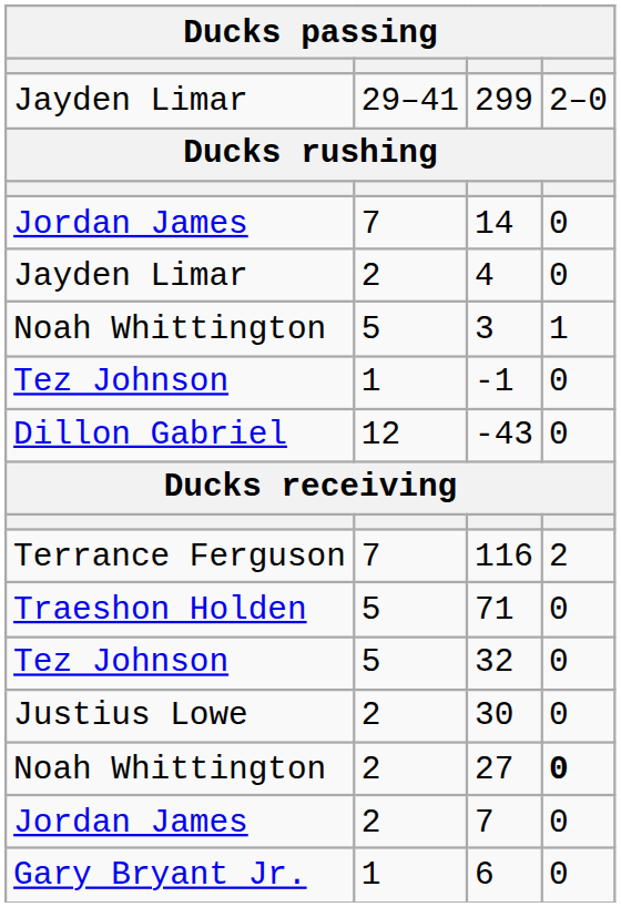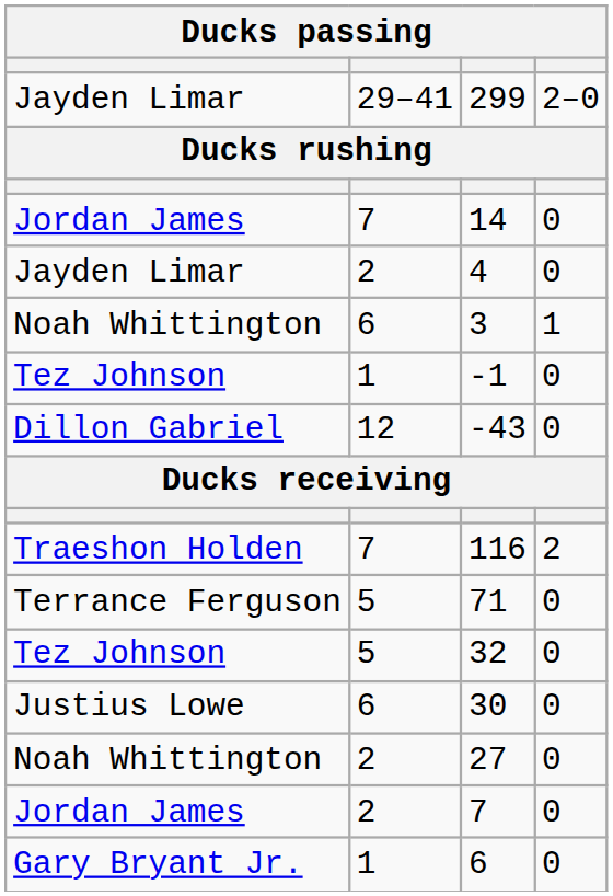 <table class="wikitable plainrowheaders">
 <tr>
 <th colspan="6">Ducks passing</th>
 </tr>
 <tr>
 <th scope="col"></th>
 <th scope="col"></th>
 <th scope="col"></th>
 <th scope="col"></th>
 </tr>
 <tr>
 <td>Jayden Limar</td>
 <td>29–41</td>
 <td>299</td>
 <td>2–0</td>
 </tr>
 <tr>
 <th colspan="6">Ducks rushing</th>
 </tr>
 <tr>
 <th scope="col"></th>
 <th scope="col"></th>
 <th scope="col"></th>
 <th scope="col"></th>
 </tr>
 <tr>
 <td><a href='#'>Jordan James</a></td>
 <td>7</td>
 <td>14</td>
 <td>0</td>
 </tr>
 <tr>
 <td>Jayden Limar</td>
 <td>2</td>
 <td>4</td>
 <td>0</td>
 </tr>
 <tr>
 <td>Noah Whittington</td>
-<td>5</td>
+<td>6</td>
 <td>3</td>
 <td>1</td>
 </tr>
 <tr>
 <td><a href='#'>Tez Johnson</a></td>
 <td>1</td>
 <td>-1</td>
 <td>0</td>
 </tr>
 <tr>
 <td><a href='#'>Dillon Gabriel</a></td>
 <td>12</td>
 <td>-43</td>
 <td>0</td>
 </tr>
 <tr>
 <th colspan="6">Ducks receiving</th>
 </tr>
 <tr>
 <th scope="col"></th>
 <th scope="col"></th>
 <th scope="col"></th>
 <th scope="col"></th>
 </tr>
 <tr>
-<td>Terrance Ferguson</td>
+<td><a href='#'>Traeshon Holden</a></td>
 <td>7</td>
 <td>116</td>
 <td>2</td>
 </tr>
 <tr>
-<td><a href='#'>Traeshon Holden</a></td>
+<td>Terrance Ferguson</td>
 <td>5</td>
 <td>71</td>
 <td>0</td>
 </tr>
 <tr>
 <td><a href='#'>Tez Johnson</a></td>
 <td>5</td>
 <td>32</td>
 <td>0</td>
 </tr>
 <tr>
 <td>Justius Lowe</td>
-<td>2</td>
+<td>6</td>
 <td>30</td>
 <td>0</td>
 </tr>
 <tr>
 <td>Noah Whittington</td>
 <td>2</td>
 <td>27</td>
-<td><strong>0</strong></td>
+<td>0</td>
 </tr>
 <tr>
 <td><a href='#'>Jordan James</a></td>
 <td>2</td>
 <td>7</td>
 <td>0</td>
 </tr>
 <tr>
 <td><a href='#'>Gary Bryant Jr.</a></td>
 <td>1</td>
 <td>6</td>
 <td>0</td>
 </tr>
 </table>
